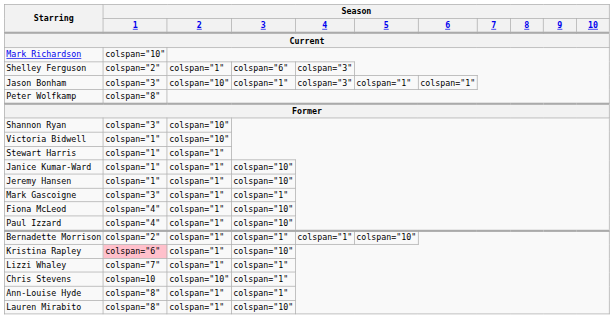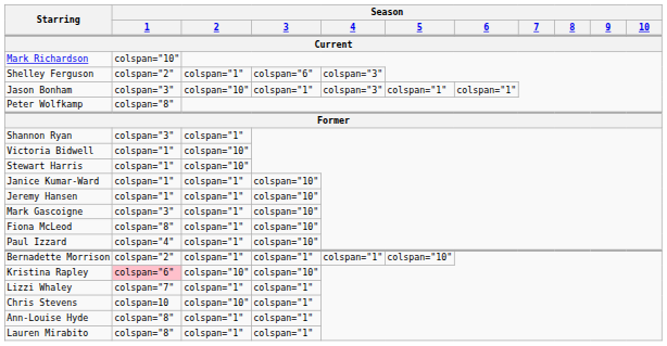 <table class="wikitable plainrowheaders" style="font-size:90%;">
 <tr>
 <th scope="col" rowspan="2">Starring</th>
 <th scope="col" colspan="11">Season</th>
 </tr>
 <tr>
 <th scope="col" style="width:3.5em;"><a href='#'>1</a></th>
 <th scope="col" style="width:3.5em;"><a href='#'>2</a></th>
 <th scope="col" style="width:3.5em;"><a href='#'>3</a></th>
 <th scope="col" style="width:3.5em;"><a href='#'>4</a></th>
 <th scope="col" style="width:3.5em;"><a href='#'>5</a></th>
 <th scope="col" style="width:3.5em;"><a href='#'>6</a></th>
 <th scope="col" style="width:3.5em;"><a href='#'>7</a></th>
 <th scope="col" style="width:3.5em;"><a href='#'>8</a></th>
 <th scope="col" style="width:3.5em;"><a href='#'>9</a></th>
 <th scope="col" style="width:3.5em;"><a href='#'>10</a></th>
 </tr>
 <tr style="border-top:3px solid #aaa;">
 <th colspan="100">Current</th>
 </tr>
 <tr>
 <td scope="row"><a href='#'>Mark Richardson</a></td>
 <td>colspan="10" </td>
 </tr>
 <tr>
 <td scope="row">Shelley Ferguson</td>
 <td>colspan="2" </td>
 <td>colspan="1" </td>
 <td>colspan="6" </td>
 <td>colspan="3" </td>
 </tr>
 <tr>
 <td scope="row">Jason Bonham</td>
 <td>colspan="3" </td>
 <td>colspan="10" </td>
 <td>colspan="1" </td>
 <td>colspan="3" </td>
 <td>colspan="1" </td>
 <td>colspan="1" </td>
 </tr>
 <tr>
 <td>Peter Wolfkamp</td>
 <td>colspan="8" </td>
 </tr>
 <tr>
 </tr>
 <tr style="border-top:3px solid #aaa;">
 <th colspan="100">Former</th>
 </tr>
 <tr>
 <td scope="row">Shannon Ryan</td>
 <td>colspan="3" </td>
-<td>colspan="10" </td>
+<td>colspan="1" </td>
 </tr>
 <tr>
 <td scope="row">Victoria Bidwell</td>
 <td>colspan="1" </td>
 <td>colspan="10" </td>
 </tr>
 <tr>
 <td scope="row">Stewart Harris</td>
 <td>colspan="1" </td>
-<td>colspan="1" </td>
+<td>colspan="10" </td>
 </tr>
 <tr>
 <td scope="row">Janice Kumar-Ward</td>
 <td>colspan="1" </td>
 <td>colspan="1" </td>
 <td>colspan="10" </td>
 </tr>
 <tr>
 <td scope="row">Jeremy Hansen</td>
 <td>colspan="1" </td>
 <td>colspan="1" </td>
 <td>colspan="10" </td>
 </tr>
 <tr>
 <td scope="row">Mark Gascoigne</td>
 <td>colspan="3" </td>
 <td>colspan="1" </td>
-<td>colspan="1" </td>
+<td>colspan="10" </td>
 </tr>
 <tr>
 <td scope="row">Fiona McLeod</td>
-<td>colspan="4" </td>
+<td>colspan="8" </td>
 <td>colspan="1" </td>
 <td>colspan="10" </td>
 </tr>
 <tr>
 <td scope="row">Paul Izzard</td>
 <td>colspan="4" </td>
 <td>colspan="1" </td>
 <td>colspan="10" </td>
 </tr>
 <tr style="border-top:3px solid #aaa;">
 </tr>
 <tr>
 <td scope="row">Bernadette Morrison</td>
 <td>colspan="2" </td>
 <td>colspan="1" </td>
 <td>colspan="1" </td>
 <td>colspan="1" </td>
 <td>colspan="10" </td>
 </tr>
 <tr>
 <td scope="row">Kristina Rapley</td>
 <td style="background: pink;">colspan="6" </td>
-<td>colspan="1" </td>
+<td>colspan="10" </td>
 <td>colspan="10" </td>
 </tr>
 <tr>
 <td scope="row">Lizzi Whaley</td>
 <td>colspan="7" </td>
 <td>colspan="1" </td>
 <td>colspan="1" </td>
 </tr>
 <tr>
 <td scope="row">Chris Stevens</td>
 <td>colspan=10 </td>
 <td>colspan="10" </td>
 <td>colspan="1" </td>
 </tr>
 <tr>
 <td scope="row">Ann-Louise Hyde</td>
 <td>colspan="8" </td>
 <td>colspan="1" </td>
 <td>colspan="1" </td>
 </tr>
 <tr>
 <td scope="row">Lauren Mirabito</td>
 <td>colspan="8" </td>
 <td>colspan="1" </td>
-<td>colspan="10" </td>
+<td>colspan="1" </td>
 </tr>
 </table>
